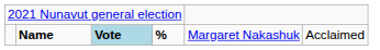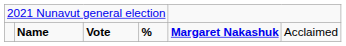 <table class="wikitable">
 <tr>
 <td colspan=4 align=center><a href='#'>2021 Nunavut general election</a></td>
 </tr>
 <tr>
 <td></td>
 <td><strong>Name</strong></td>
-<td style="background: lightblue;"><strong>Vote</strong></td>
+<td><strong>Vote</strong></td>
 <td><strong>%</strong><br></td>
-<td><a href='#'>Margaret Nakashuk</a></td>
+<td><strong><a href='#'>Margaret Nakashuk</a></strong></td>
 <td colspan="2">Acclaimed</td>
 </tr>
 </table>
